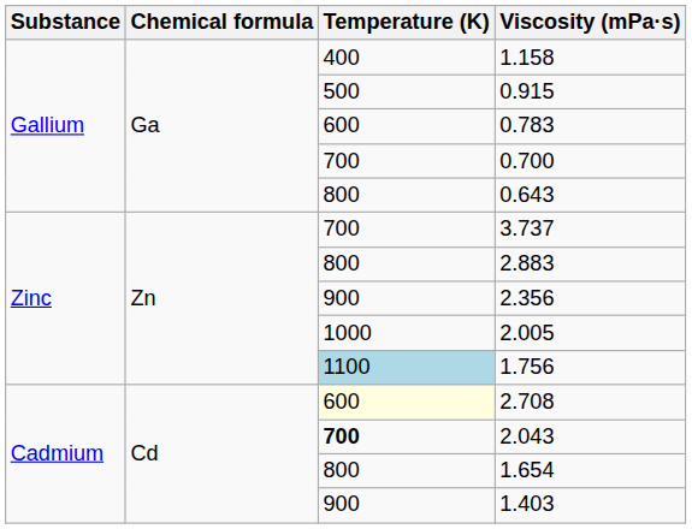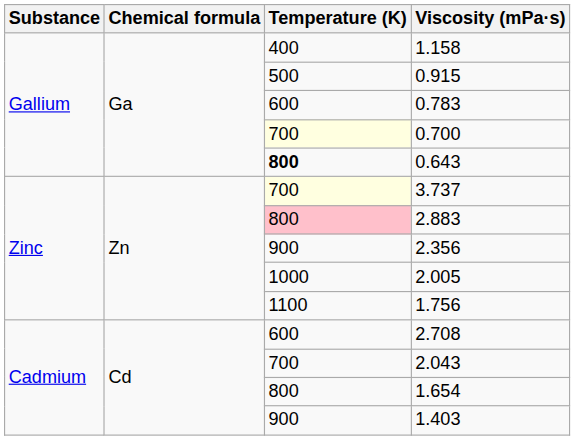 <table class="wikitable sortable">
 <tr style="background:#efefef;">
 <th>Substance</th>
 <th>Chemical formula</th>
 <th>Temperature (K)</th>
 <th>Viscosity (mPa·s)</th>
 </tr>
 <tr>
 <td rowspan="5"><a href='#'>Gallium</a></td>
 <td rowspan="5">Ga</td>
 <td>400</td>
 <td>1.158</td>
 </tr>
 <tr>
 <td>500</td>
 <td>0.915</td>
 </tr>
 <tr>
 <td>600</td>
 <td>0.783</td>
 </tr>
 <tr>
-<td>700</td>
+<td style="background: lightyellow;">700</td>
 <td>0.700</td>
 </tr>
 <tr>
-<td>800</td>
+<td><strong>800</strong></td>
 <td>0.643</td>
 </tr>
 <tr>
 <td rowspan="5"><a href='#'>Zinc</a></td>
 <td rowspan="5">Zn</td>
-<td>700</td>
+<td style="background: lightyellow;">700</td>
 <td>3.737</td>
 </tr>
 <tr>
-<td>800</td>
+<td style="background: pink;">800</td>
 <td>2.883</td>
 </tr>
 <tr>
 <td>900</td>
 <td>2.356</td>
 </tr>
 <tr>
 <td>1000</td>
 <td>2.005</td>
 </tr>
 <tr>
-<td style="background: lightblue;">1100</td>
+<td>1100</td>
 <td>1.756</td>
 </tr>
 <tr>
 <td rowspan="4"><a href='#'>Cadmium</a></td>
 <td rowspan="4">Cd</td>
-<td style="background: lightyellow;">600</td>
+<td>600</td>
 <td>2.708</td>
 </tr>
 <tr>
-<td><strong>700</strong></td>
+<td>700</td>
 <td>2.043</td>
 </tr>
 <tr>
 <td>800</td>
 <td>1.654</td>
 </tr>
 <tr>
 <td>900</td>
 <td>1.403</td>
 </tr>
 </table>
